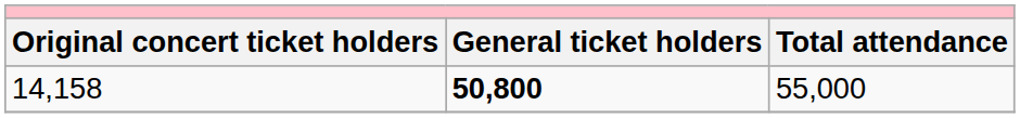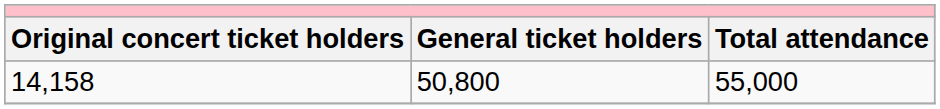 <table class="wikitable">
 <tr>
 <td colspan=3 style="background:pink;"></td>
 </tr>
 <tr>
 <th>Original concert ticket holders</th>
 <th>General ticket holders</th>
 <th>Total attendance</th>
 </tr>
 <tr>
 <td>14,158</td>
-<td><strong>50,800</strong></td>
+<td>50,800</td>
 <td>55,000</td>
 </tr>
 <tr>
 </tr>
 </table>
